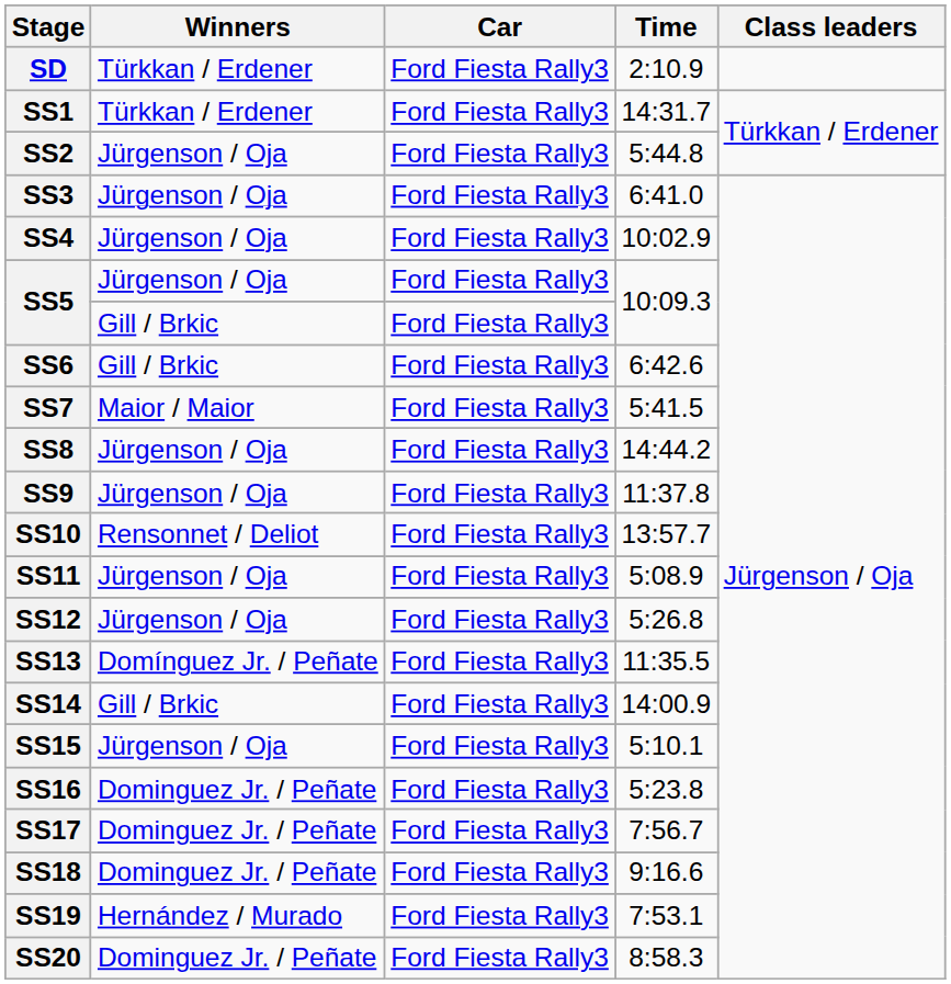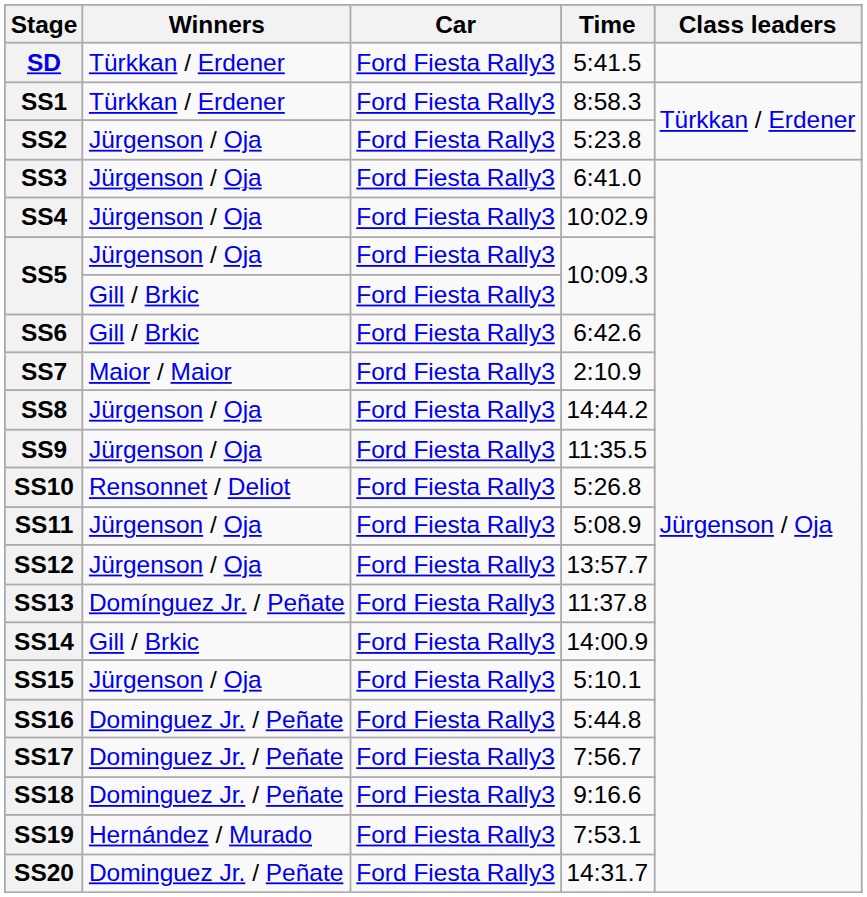 <table class="wikitable" style="font-size:85%">
 <tr>
 <th>Stage</th>
 <th>Winners</th>
 <th>Car</th>
 <th>Time</th>
 <th>Class leaders</th>
 </tr>
 <tr>
 <th><a href='#'>SD</a></th>
 <td><a href='#'>Türkkan</a> / <a href='#'>Erdener</a></td>
 <td><a href='#'>Ford Fiesta Rally3</a></td>
-<td align="center">2:10.9</td>
+<td align="center">5:41.5</td>
 <td></td>
 </tr>
 <tr>
 <th>SS1</th>
 <td><a href='#'>Türkkan</a> / <a href='#'>Erdener</a></td>
 <td><a href='#'>Ford Fiesta Rally3</a></td>
-<td align="center">14:31.7</td>
+<td align="center">8:58.3</td>
 <td rowspan="2"><a href='#'>Türkkan</a> / <a href='#'>Erdener</a></td>
 </tr>
 <tr>
 <th>SS2</th>
 <td><a href='#'>Jürgenson</a> / <a href='#'>Oja</a></td>
 <td><a href='#'>Ford Fiesta Rally3</a></td>
-<td align="center">5:44.8</td>
+<td align="center">5:23.8</td>
 </tr>
 <tr>
 <th>SS3</th>
 <td><a href='#'>Jürgenson</a> / <a href='#'>Oja</a></td>
 <td><a href='#'>Ford Fiesta Rally3</a></td>
 <td align="center">6:41.0</td>
 <td rowspan="19"><a href='#'>Jürgenson</a> / <a href='#'>Oja</a></td>
 </tr>
 <tr>
 <th>SS4</th>
 <td><a href='#'>Jürgenson</a> / <a href='#'>Oja</a></td>
 <td><a href='#'>Ford Fiesta Rally3</a></td>
 <td align="center">10:02.9</td>
 </tr>
 <tr>
 <th rowspan="2">SS5</th>
 <td><a href='#'>Jürgenson</a> / <a href='#'>Oja</a></td>
 <td><a href='#'>Ford Fiesta Rally3</a></td>
 <td rowspan="2" align="center">10:09.3</td>
 </tr>
 <tr>
 <td><a href='#'>Gill</a> / <a href='#'>Brkic</a></td>
 <td><a href='#'>Ford Fiesta Rally3</a></td>
 </tr>
 <tr>
 <th>SS6</th>
 <td><a href='#'>Gill</a> / <a href='#'>Brkic</a></td>
 <td><a href='#'>Ford Fiesta Rally3</a></td>
 <td align="center">6:42.6</td>
 </tr>
 <tr>
 <th>SS7</th>
 <td><a href='#'>Maior</a> / <a href='#'>Maior</a></td>
 <td><a href='#'>Ford Fiesta Rally3</a></td>
-<td align="center">5:41.5</td>
+<td align="center">2:10.9</td>
 </tr>
 <tr>
 <th>SS8</th>
 <td><a href='#'>Jürgenson</a> / <a href='#'>Oja</a></td>
 <td><a href='#'>Ford Fiesta Rally3</a></td>
 <td align="center">14:44.2</td>
 </tr>
 <tr>
 <th>SS9</th>
 <td><a href='#'>Jürgenson</a> / <a href='#'>Oja</a></td>
 <td><a href='#'>Ford Fiesta Rally3</a></td>
-<td align="center">11:37.8</td>
+<td align="center">11:35.5</td>
 </tr>
 <tr>
 <th>SS10</th>
 <td><a href='#'>Rensonnet</a> / <a href='#'>Deliot</a></td>
 <td><a href='#'>Ford Fiesta Rally3</a></td>
-<td align="center">13:57.7</td>
+<td align="center">5:26.8</td>
 </tr>
 <tr>
 <th>SS11</th>
 <td><a href='#'>Jürgenson</a> / <a href='#'>Oja</a></td>
 <td><a href='#'>Ford Fiesta Rally3</a></td>
 <td align="center">5:08.9</td>
 </tr>
 <tr>
 <th>SS12</th>
 <td><a href='#'>Jürgenson</a> / <a href='#'>Oja</a></td>
 <td><a href='#'>Ford Fiesta Rally3</a></td>
-<td align="center">5:26.8</td>
+<td align="center">13:57.7</td>
 </tr>
 <tr>
 <th>SS13</th>
 <td><a href='#'>Domínguez Jr.</a> / <a href='#'>Peñate</a></td>
 <td><a href='#'>Ford Fiesta Rally3</a></td>
-<td align="center">11:35.5</td>
+<td align="center">11:37.8</td>
 </tr>
 <tr>
 <th>SS14</th>
 <td><a href='#'>Gill</a> / <a href='#'>Brkic</a></td>
 <td><a href='#'>Ford Fiesta Rally3</a></td>
 <td align="center">14:00.9</td>
 </tr>
 <tr>
 <th>SS15</th>
 <td><a href='#'>Jürgenson</a> / <a href='#'>Oja</a></td>
 <td><a href='#'>Ford Fiesta Rally3</a></td>
 <td align="center">5:10.1</td>
 </tr>
 <tr>
 <th>SS16</th>
 <td><a href='#'>Dominguez Jr.</a> / <a href='#'>Peñate</a></td>
 <td><a href='#'>Ford Fiesta Rally3</a></td>
-<td align="center">5:23.8</td>
+<td align="center">5:44.8</td>
 </tr>
 <tr>
 <th>SS17</th>
 <td><a href='#'>Dominguez Jr.</a> / <a href='#'>Peñate</a></td>
 <td><a href='#'>Ford Fiesta Rally3</a></td>
 <td align="center">7:56.7</td>
 </tr>
 <tr>
 <th>SS18</th>
 <td><a href='#'>Dominguez Jr.</a> / <a href='#'>Peñate</a></td>
 <td><a href='#'>Ford Fiesta Rally3</a></td>
 <td align="center">9:16.6</td>
 </tr>
 <tr>
 <th>SS19</th>
 <td><a href='#'>Hernández</a> / <a href='#'>Murado</a></td>
 <td><a href='#'>Ford Fiesta Rally3</a></td>
 <td align="center">7:53.1</td>
 </tr>
 <tr>
 <th>SS20</th>
 <td><a href='#'>Dominguez Jr.</a> / <a href='#'>Peñate</a></td>
 <td><a href='#'>Ford Fiesta Rally3</a></td>
-<td align="center">8:58.3</td>
+<td align="center">14:31.7</td>
 </tr>
 </table>
